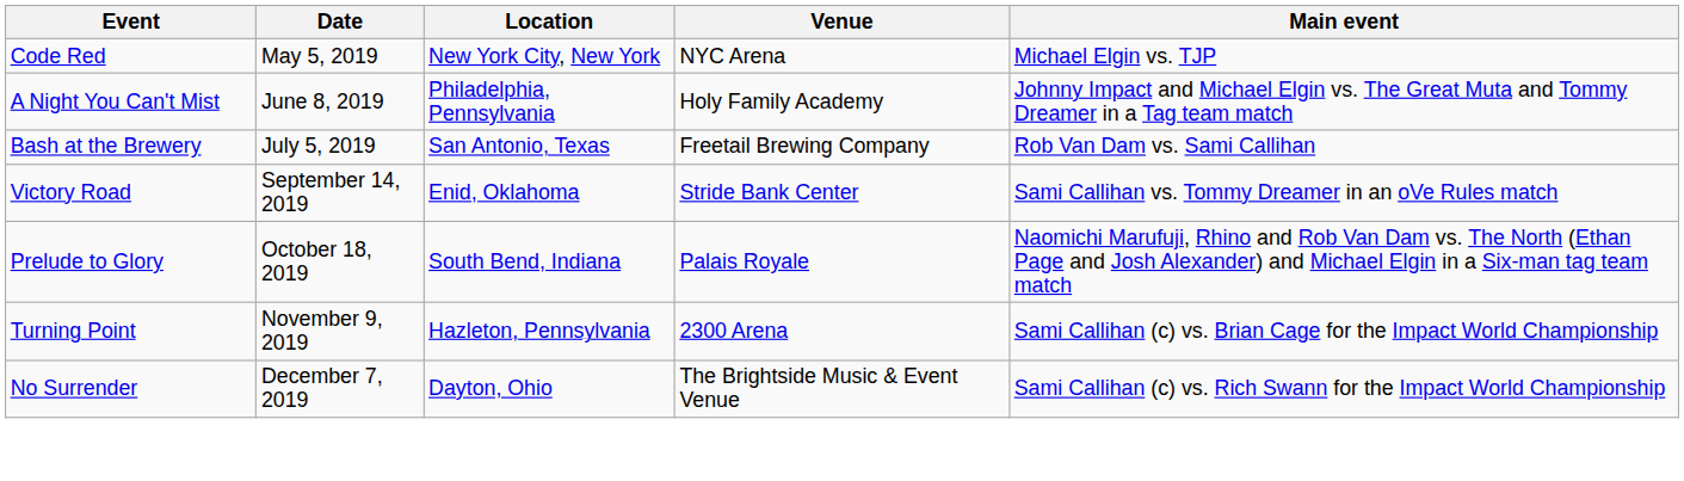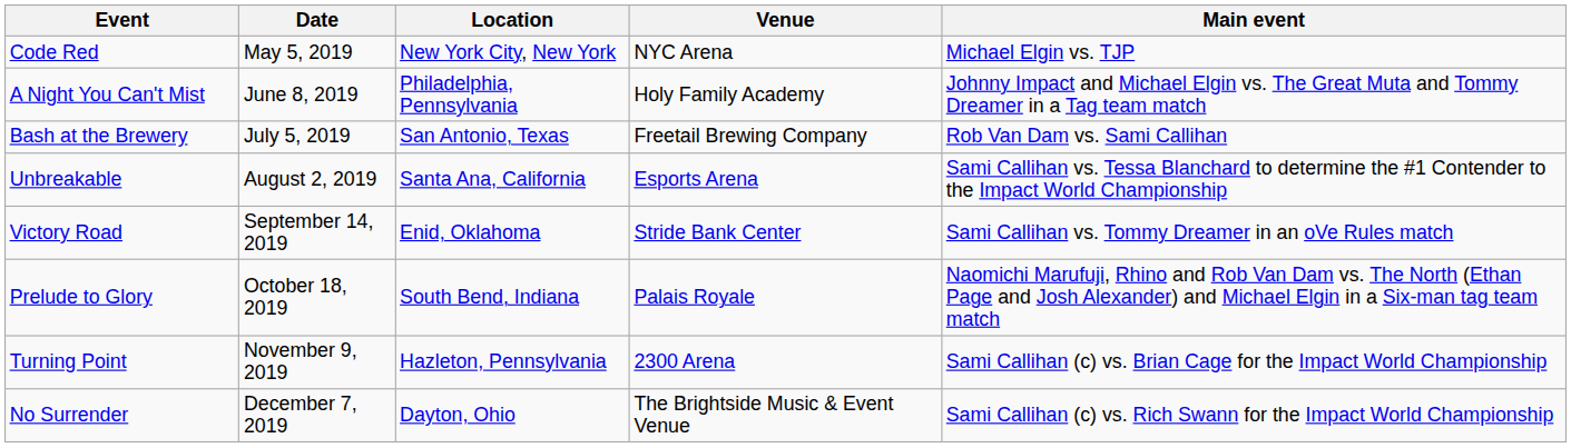 <table class="wikitable sortable" width="100%" style="align: center">
 <tr>
 <th width=15%>Event</th>
 <th width="10%">Date</th>
 <th width="15%">Location</th>
 <th width=20%>Venue</th>
 <th width=40%>Main event</th>
 </tr>
 <tr>
 <td><a href='#'>Code Red</a></td>
 <td>May 5, 2019</td>
 <td><a href='#'>New York City</a>, <a href='#'>New York</a></td>
 <td>NYC Arena</td>
 <td><a href='#'>Michael Elgin</a> vs. <a href='#'>TJP</a></td>
 </tr>
 <tr>
 <td><a href='#'>A Night You Can't Mist</a></td>
 <td>June 8, 2019</td>
 <td><a href='#'>Philadelphia, Pennsylvania</a></td>
 <td>Holy Family Academy</td>
 <td><a href='#'>Johnny Impact</a> and <a href='#'>Michael Elgin</a> vs. <a href='#'>The Great Muta</a> and <a href='#'>Tommy Dreamer</a> in a <a href='#'>Tag team match</a></td>
 </tr>
 <tr>
 <td><a href='#'>Bash at the Brewery</a></td>
 <td>July 5, 2019</td>
 <td><a href='#'>San Antonio, Texas</a></td>
 <td>Freetail Brewing Company</td>
 <td><a href='#'>Rob Van Dam</a> vs. <a href='#'>Sami Callihan</a></td>
 </tr>
 <tr>
+<td><a href='#'>Unbreakable</a></td>
+<td>August 2, 2019</td>
+<td><a href='#'>Santa Ana, California</a></td>
+<td><a href='#'>Esports Arena</a></td>
+<td><a href='#'>Sami Callihan</a> vs. <a href='#'>Tessa Blanchard</a> to determine the #1 Contender to the <a href='#'>Impact World Championship</a></td>
+</tr>
+<tr>
 <td><a href='#'>Victory Road</a></td>
 <td>September 14, 2019</td>
 <td><a href='#'>Enid, Oklahoma</a></td>
 <td><a href='#'>Stride Bank Center</a></td>
 <td><a href='#'>Sami Callihan</a> vs. <a href='#'>Tommy Dreamer</a> in an <a href='#'>oVe Rules match</a></td>
 </tr>
 <tr>
 <td><a href='#'>Prelude to Glory</a></td>
 <td>October 18, 2019</td>
 <td><a href='#'>South Bend, Indiana</a></td>
 <td><a href='#'>Palais Royale</a></td>
 <td><a href='#'>Naomichi Marufuji</a>, <a href='#'>Rhino</a> and <a href='#'>Rob Van Dam</a> vs. <a href='#'>The North</a> (<a href='#'>Ethan Page</a> and <a href='#'>Josh Alexander</a>) and <a href='#'>Michael Elgin</a> in a <a href='#'>Six-man tag team match</a></td>
 </tr>
 <tr>
 <td><a href='#'>Turning Point</a></td>
 <td>November 9, 2019</td>
 <td><a href='#'>Hazleton, Pennsylvania</a></td>
 <td><a href='#'>2300 Arena</a></td>
 <td><a href='#'>Sami Callihan</a> (c) vs. <a href='#'>Brian Cage</a> for the <a href='#'>Impact World Championship</a></td>
 </tr>
 <tr>
 <td><a href='#'>No Surrender</a></td>
 <td>December 7, 2019</td>
 <td><a href='#'>Dayton, Ohio</a></td>
 <td>The Brightside Music & Event Venue</td>
 <td><a href='#'>Sami Callihan</a> (c) vs. <a href='#'>Rich Swann</a> for the <a href='#'>Impact World Championship</a></td>
 </tr>
 </table>
